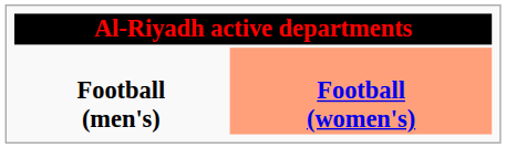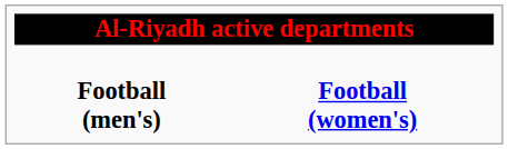 <table class="infobox" style="width: 20em; font-size: 95%em;">
 <tr style="color: red; background: black; text-align:center;">
 <th colspan="3" style="text-align: center">Al-Riyadh active departments</th>
 </tr>
 <tr style="text-align: center">
 <td><br><strong>Football<br>(men's)</strong></td>
-<td style="background: lightsalmon;"><br><strong><a href='#'>Football<br>(women's)</a></strong></td>
+<td><br><strong><a href='#'>Football<br>(women's)</a></strong></td>
 </tr>
 </table>
